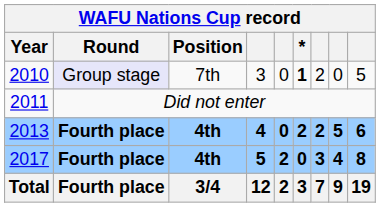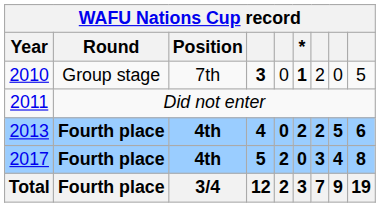 <table class="wikitable" style="text-align: center;">
 <tr>
 <th colspan=9><a href='#'>WAFU Nations Cup</a> record</th>
 </tr>
 <tr>
 <th>Year</th>
 <th>Round</th>
 <th>Position</th>
 <th></th>
 <th></th>
 <th>*</th>
 <th></th>
 <th></th>
 <th></th>
 </tr>
 <tr>
 <td> <a href='#'>2010</a></td>
-<td style="background: lavender;">Group stage</td>
+<td>Group stage</td>
 <td>7th</td>
-<td>3</td>
+<td><strong>3</strong></td>
 <td>0</td>
 <td><strong>1</strong></td>
 <td>2</td>
 <td>0</td>
 <td>5</td>
 </tr>
 <tr>
 <td> <a href='#'>2011</a></td>
 <td colspan=8><em>Did not enter</em></td>
 </tr>
 <tr style="background:#9acdff;">
 <td> <a href='#'>2013</a></td>
 <td><strong>Fourth place</strong></td>
 <td><strong>4th</strong></td>
 <td><strong>4</strong></td>
 <td><strong>0</strong></td>
 <td><strong>2</strong></td>
 <td><strong>2</strong></td>
 <td><strong>5</strong></td>
 <td><strong>6</strong></td>
 </tr>
 <tr style="background:#9acdff;">
 <td> <a href='#'>2017</a></td>
 <td><strong>Fourth place</strong></td>
 <td><strong>4th</strong></td>
 <td><strong>5</strong></td>
 <td><strong>2</strong></td>
 <td><strong>0</strong></td>
 <td><strong>3</strong></td>
 <td><strong>4</strong></td>
 <td><strong>8</strong></td>
 </tr>
 <tr>
 <th>Total</th>
 <th>Fourth place</th>
 <th>3/4</th>
 <th>12</th>
 <th>2</th>
 <th>3</th>
 <th>7</th>
 <th>9</th>
 <th>19</th>
 </tr>
 </table>
